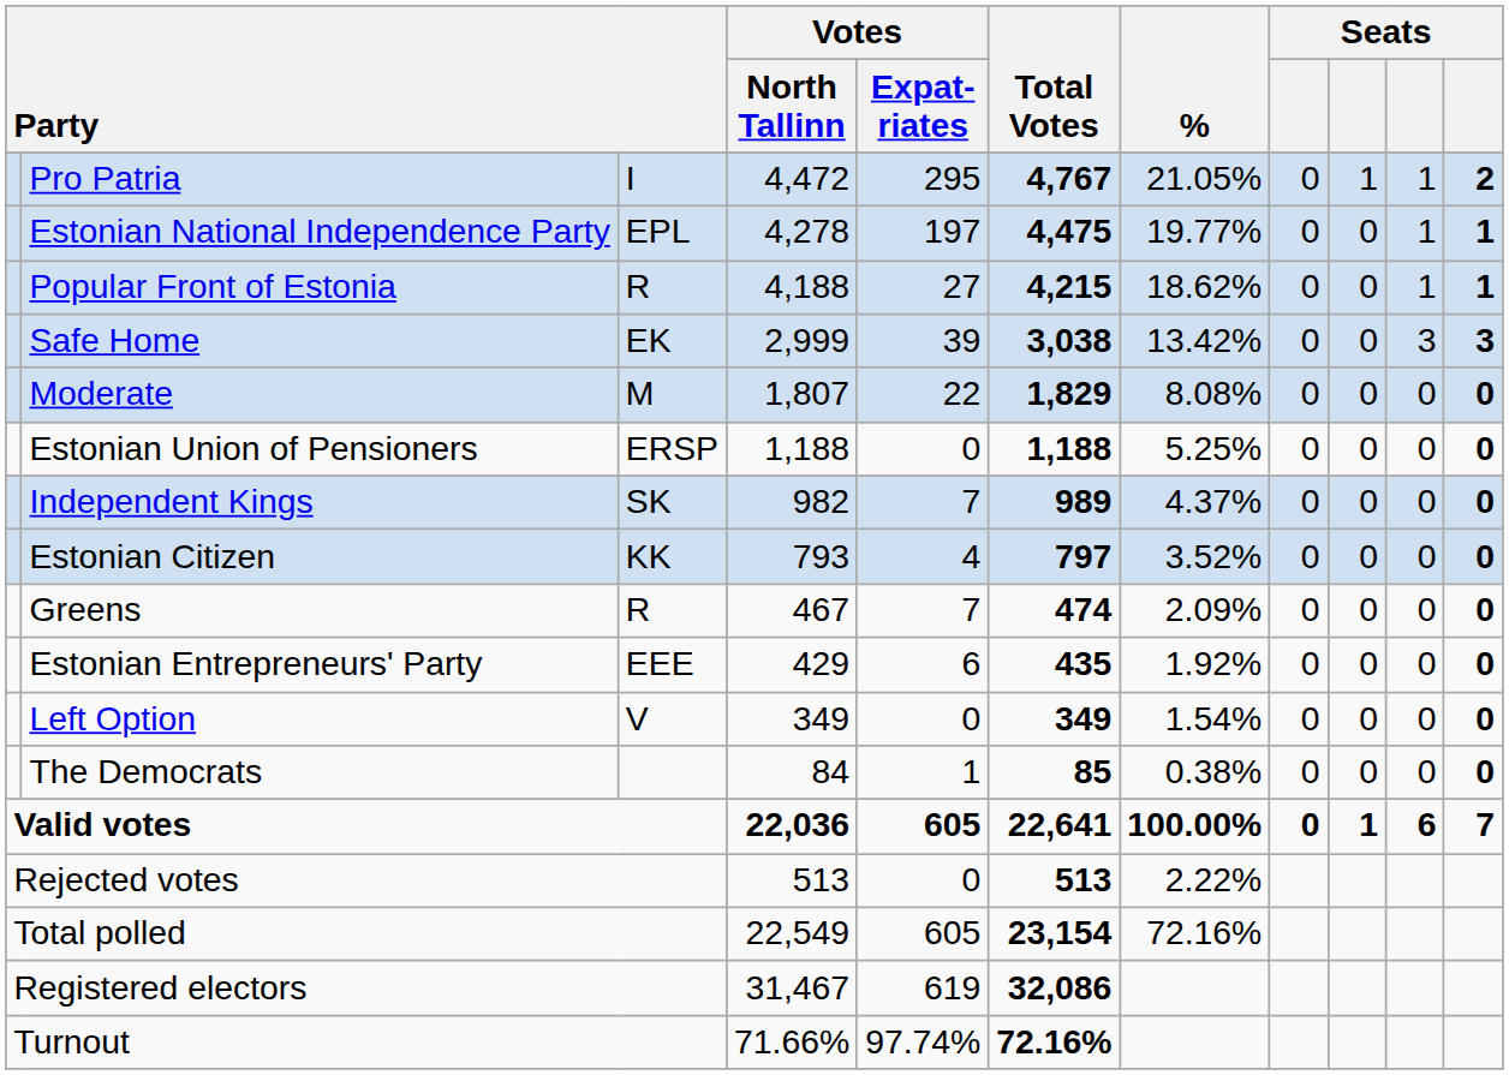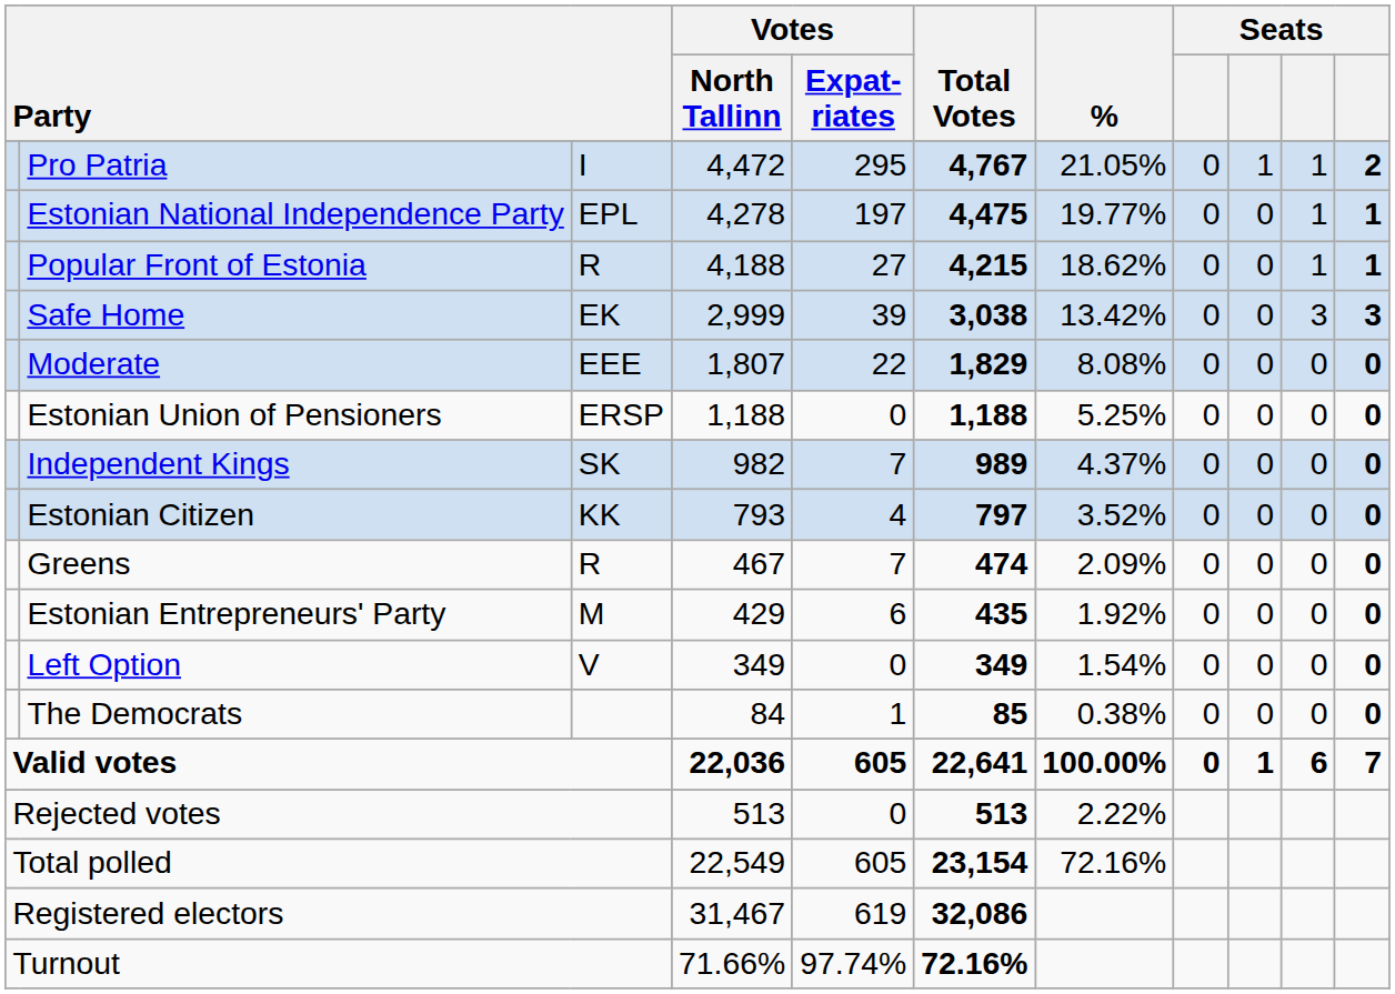 <table class="wikitable" border="1" style="text-align:right;">
 <tr>
 <th style="text-align:left;" valign=bottom rowspan=2 colspan=3>Party</th>
 <th colspan=2>Votes</th>
 <th align=center valign=bottom rowspan=2 width="50">Total Votes</th>
 <th align=center valign=bottom rowspan=2 width="50">%</th>
 <th colspan=4>Seats</th>
 </tr>
 <tr>
 <th align=center valign=bottom width="50">North <a href='#'>Tallinn</a></th>
 <th align=center valign=bottom width="50"><a href='#'>Expat- riates</a></th>
 <th align=center valign=bottom width="20"><small></small></th>
 <th align=center valign=bottom width="20"><small></small></th>
 <th align=center valign=bottom width="20"><small></small></th>
 <th align=center valign=bottom width="20"><small></small></th>
 </tr>
 <tr style="background:#CEE0F2;">
 <td style="background:"></td>
 <td align=left><a href='#'>Pro Patria</a></td>
 <td align=left>I</td>
 <td>4,472</td>
 <td>295</td>
 <td><strong>4,767</strong></td>
 <td>21.05%</td>
 <td>0</td>
 <td>1</td>
 <td>1</td>
 <td><strong>2</strong></td>
 </tr>
 <tr style="background:#CEE0F2;">
 <td></td>
 <td align=left><a href='#'>Estonian National Independence Party</a></td>
 <td align=left>EPL</td>
 <td>4,278</td>
 <td>197</td>
 <td><strong>4,475</strong></td>
 <td>19.77%</td>
 <td>0</td>
 <td>0</td>
 <td>1</td>
 <td><strong>1</strong></td>
 </tr>
 <tr style="background:#CEE0F2;">
 <td style="background:"></td>
 <td align=left><a href='#'>Popular Front of Estonia</a></td>
 <td align=left>R</td>
 <td>4,188</td>
 <td>27</td>
 <td><strong>4,215</strong></td>
 <td>18.62%</td>
 <td>0</td>
 <td>0</td>
 <td>1</td>
 <td><strong>1</strong></td>
 </tr>
 <tr style="background:#CEE0F2;">
 <td style="background:"></td>
 <td align=left><a href='#'>Safe Home</a></td>
 <td align=left>EK</td>
 <td>2,999</td>
 <td>39</td>
 <td><strong>3,038</strong></td>
 <td>13.42%</td>
 <td>0</td>
 <td>0</td>
 <td>3</td>
 <td><strong>3</strong></td>
 </tr>
 <tr style="background:#CEE0F2;">
 <td style="background:"></td>
 <td align=left><a href='#'>Moderate</a></td>
-<td align=left>M</td>
+<td align=left>EEE</td>
 <td>1,807</td>
 <td>22</td>
 <td><strong>1,829</strong></td>
 <td>8.08%</td>
 <td>0</td>
 <td>0</td>
 <td>0</td>
 <td><strong>0</strong></td>
 </tr>
 <tr>
 <td></td>
 <td align=left>Estonian Union of Pensioners</td>
 <td align=left>ERSP</td>
 <td>1,188</td>
 <td>0</td>
 <td><strong>1,188</strong></td>
 <td>5.25%</td>
 <td>0</td>
 <td>0</td>
 <td>0</td>
 <td><strong>0</strong></td>
 </tr>
 <tr style="background:#CEE0F2;">
 <td></td>
 <td align=left><a href='#'>Independent Kings</a></td>
 <td align=left>SK</td>
 <td>982</td>
 <td>7</td>
 <td><strong>989</strong></td>
 <td>4.37%</td>
 <td>0</td>
 <td>0</td>
 <td>0</td>
 <td><strong>0</strong></td>
 </tr>
 <tr style="background:#CEE0F2;">
 <td></td>
 <td align=left>Estonian Citizen</td>
 <td align=left>KK</td>
 <td>793</td>
 <td>4</td>
 <td><strong>797</strong></td>
 <td>3.52%</td>
 <td>0</td>
 <td>0</td>
 <td>0</td>
 <td><strong>0</strong></td>
 </tr>
 <tr>
 <td></td>
 <td align=left>Greens</td>
 <td align=left>R</td>
 <td>467</td>
 <td>7</td>
 <td><strong>474</strong></td>
 <td>2.09%</td>
 <td>0</td>
 <td>0</td>
 <td>0</td>
 <td><strong>0</strong></td>
 </tr>
 <tr>
 <td></td>
 <td align=left>Estonian Entrepreneurs' Party</td>
-<td align=left>EEE</td>
+<td align=left>M</td>
 <td>429</td>
 <td>6</td>
 <td><strong>435</strong></td>
 <td>1.92%</td>
 <td>0</td>
 <td>0</td>
 <td>0</td>
 <td><strong>0</strong></td>
 </tr>
 <tr>
 <td style="background:"></td>
 <td align=left><a href='#'>Left Option</a></td>
 <td align=left>V</td>
 <td>349</td>
 <td>0</td>
 <td><strong>349</strong></td>
 <td>1.54%</td>
 <td>0</td>
 <td>0</td>
 <td>0</td>
 <td><strong>0</strong></td>
 </tr>
 <tr>
 <td></td>
 <td align=left>The Democrats</td>
 <td></td>
 <td>84</td>
 <td>1</td>
 <td><strong>85</strong></td>
 <td>0.38%</td>
 <td>0</td>
 <td>0</td>
 <td>0</td>
 <td><strong>0</strong></td>
 </tr>
 <tr style="font-weight:bold">
 <td align=left colspan=3>Valid votes</td>
 <td>22,036</td>
 <td>605</td>
 <td>22,641</td>
 <td>100.00%</td>
 <td>0</td>
 <td>1</td>
 <td>6</td>
 <td>7</td>
 </tr>
 <tr>
 <td align=left colspan=3>Rejected votes</td>
 <td>513</td>
 <td>0</td>
 <td><strong>513</strong></td>
 <td>2.22%</td>
 <td></td>
 <td></td>
 <td></td>
 <td></td>
 </tr>
 <tr>
 <td align=left colspan=3>Total polled</td>
 <td>22,549</td>
 <td>605</td>
 <td><strong>23,154</strong></td>
 <td>72.16%</td>
 <td></td>
 <td></td>
 <td></td>
 <td></td>
 </tr>
 <tr>
 <td align=left colspan=3>Registered electors</td>
 <td>31,467</td>
 <td>619</td>
 <td><strong>32,086</strong></td>
 <td></td>
 <td></td>
 <td></td>
 <td></td>
 <td></td>
 </tr>
 <tr>
 <td align=left colspan=3>Turnout</td>
 <td>71.66%</td>
 <td>97.74%</td>
 <td><strong>72.16%</strong></td>
 <td></td>
 <td></td>
 <td></td>
 <td></td>
 <td></td>
 </tr>
 </table>
